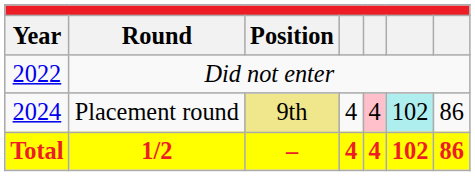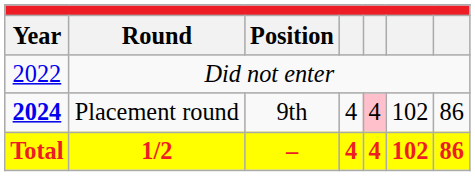 <table class="wikitable" style="text-align: center;">
 <tr>
 <th style="background:#EE1C25;" colspan="7"><a href='#'></a></th>
 </tr>
 <tr>
 <th>Year</th>
 <th>Round</th>
 <th>Position</th>
 <th></th>
 <th></th>
 <th></th>
 <th></th>
 </tr>
 <tr>
 <td> <a href='#'>2022</a></td>
 <td colspan=6><em>Did not enter</em></td>
 </tr>
 <tr>
-<td> <a href='#'>2024</a></td>
+<td><strong> <a href='#'>2024</a></strong></td>
 <td>Placement round</td>
-<td style="background: khaki;">9th</td>
+<td>9th</td>
 <td>4</td>
 <td style="background: pink;">4</td>
-<td style="background: paleturquoise;">102</td>
+<td>102</td>
 <td>86</td>
 </tr>
 <tr>
 <th style="color:#EE1C25; background:#FFFF00;">Total</th>
 <th style="color:#EE1C25; background:#FFFF00;">1/2</th>
 <th style="color:#EE1C25; background:#FFFF00;">–</th>
 <th style="color:#EE1C25; background:#FFFF00;">4</th>
 <th style="color:#EE1C25; background:#FFFF00;">4</th>
 <th style="color:#EE1C25; background:#FFFF00;">102</th>
 <th style="color:#EE1C25; background:#FFFF00;">86</th>
 </tr>
 </table>
